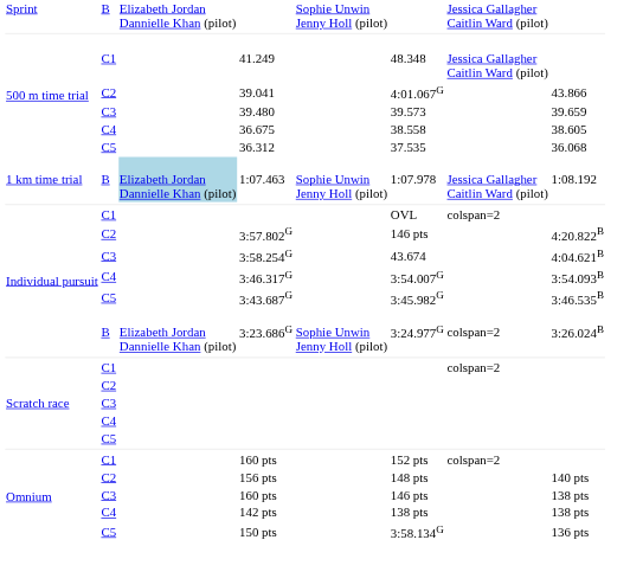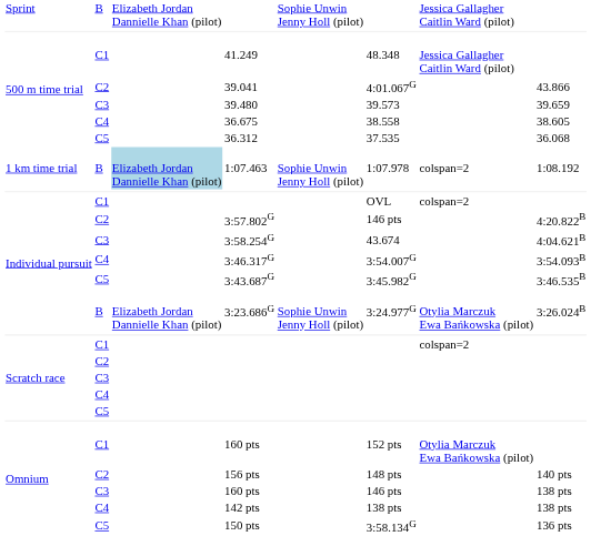 <table>
 <tr>
 <td><a href='#'>Sprint</a></td>
 <td><a href='#'>B</a></td>
 <td colspan=2><br><a href='#'>Elizabeth Jordan</a><br><a href='#'>Dannielle Khan</a> (pilot)</td>
 <td colspan=2><br><a href='#'>Sophie Unwin</a><br><a href='#'>Jenny Holl</a> (pilot)</td>
 <td colspan=2><br><a href='#'>Jessica Gallagher</a><br><a href='#'>Caitlin Ward</a> (pilot)</td>
 </tr>
 <tr>
 <td colspan=8 bgcolor=#f2f2f2></td>
 </tr>
 <tr>
 <td rowspan=5><a href='#'>500 m time trial</a></td>
 <td><a href='#'>C1</a></td>
 <td></td>
 <td>41.249</td>
 <td></td>
 <td>48.348</td>
 <td><br><a href='#'>Jessica Gallagher</a><br><a href='#'>Caitlin Ward</a> (pilot)</td>
 </tr>
 <tr>
 <td><a href='#'>C2</a></td>
 <td></td>
 <td>39.041</td>
 <td></td>
 <td>4:01.067<sup>G</sup></td>
 <td></td>
 <td>43.866</td>
 </tr>
 <tr>
 <td><a href='#'>C3</a></td>
 <td></td>
 <td>39.480</td>
 <td></td>
 <td>39.573</td>
 <td></td>
 <td>39.659</td>
 </tr>
 <tr>
 <td><a href='#'>C4</a></td>
 <td></td>
 <td>36.675</td>
 <td></td>
 <td>38.558</td>
 <td></td>
 <td>38.605</td>
 </tr>
 <tr>
 <td><a href='#'>C5</a></td>
 <td></td>
 <td>36.312</td>
 <td></td>
 <td>37.535</td>
 <td></td>
 <td>36.068</td>
 </tr>
 <tr>
 <td><a href='#'>1 km time trial</a></td>
 <td><a href='#'>B</a></td>
 <td style="background: lightblue;"><br><a href='#'>Elizabeth Jordan</a><br><a href='#'>Dannielle Khan</a> (pilot)</td>
 <td>1:07.463</td>
 <td><br><a href='#'>Sophie Unwin</a><br><a href='#'>Jenny Holl</a> (pilot)</td>
 <td>1:07.978</td>
-<td><br><a href='#'>Jessica Gallagher</a><br><a href='#'>Caitlin Ward</a> (pilot)</td>
+<td>colspan=2 </td>
 <td>1:08.192</td>
 </tr>
 <tr>
 <td colspan=8 bgcolor=#f2f2f2></td>
 </tr>
 <tr>
 <td rowspan=6><a href='#'>Individual pursuit</a></td>
 <td><a href='#'>C1</a></td>
 <td></td>
 <td></td>
 <td></td>
 <td>OVL</td>
 <td>colspan=2 </td>
 </tr>
 <tr>
 <td><a href='#'>C2</a></td>
 <td></td>
 <td>3:57.802<sup>G</sup></td>
 <td></td>
 <td>146 pts</td>
 <td></td>
 <td>4:20.822<sup>B</sup></td>
 </tr>
 <tr>
 <td><a href='#'>C3</a></td>
 <td></td>
 <td>3:58.254<sup>G</sup></td>
 <td></td>
 <td>43.674</td>
 <td></td>
 <td>4:04.621<sup>B</sup></td>
 </tr>
 <tr>
 <td><a href='#'>C4</a></td>
 <td></td>
 <td>3:46.317<sup>G</sup></td>
 <td></td>
 <td>3:54.007<sup>G</sup></td>
 <td></td>
 <td>3:54.093<sup>B</sup></td>
 </tr>
 <tr>
 <td><a href='#'>C5</a></td>
 <td></td>
 <td>3:43.687<sup>G</sup></td>
 <td></td>
 <td>3:45.982<sup>G</sup></td>
 <td></td>
 <td>3:46.535<sup>B</sup></td>
 </tr>
 <tr>
 <td><a href='#'>B</a></td>
 <td><br><a href='#'>Elizabeth Jordan</a><br><a href='#'>Dannielle Khan</a> (pilot)</td>
 <td>3:23.686<sup>G</sup></td>
 <td><br><a href='#'>Sophie Unwin</a><br><a href='#'>Jenny Holl</a> (pilot)</td>
 <td>3:24.977<sup>G</sup></td>
-<td>colspan=2 </td>
+<td><br><a href='#'>Otylia Marczuk</a><br><a href='#'>Ewa Bańkowska</a> (pilot)</td>
 <td>3:26.024<sup>B</sup></td>
 </tr>
 <tr>
 <td colspan=8 bgcolor=#f2f2f2></td>
 </tr>
 <tr>
 <td rowspan=5><a href='#'>Scratch race</a></td>
 <td><a href='#'>C1</a></td>
 <td colspan=2></td>
 <td colspan=2></td>
 <td>colspan=2 </td>
 </tr>
 <tr>
 <td><a href='#'>C2</a></td>
 <td colspan=2></td>
 <td colspan=2></td>
 <td colspan=2></td>
 </tr>
 <tr>
 <td><a href='#'>C3</a></td>
 <td colspan=2></td>
 <td colspan=2></td>
 <td colspan=2></td>
 </tr>
 <tr>
 <td><a href='#'>C4</a></td>
 <td colspan=2></td>
 <td colspan=2></td>
 <td colspan=2></td>
 </tr>
 <tr>
 <td><a href='#'>C5</a></td>
 <td colspan=2></td>
 <td colspan=2></td>
 <td colspan=2></td>
 </tr>
 <tr>
 <td colspan=8 bgcolor=#f2f2f2></td>
 </tr>
 <tr>
 <td rowspan=5><a href='#'>Omnium</a></td>
 <td><a href='#'>C1</a></td>
 <td></td>
 <td>160 pts</td>
 <td></td>
 <td>152 pts</td>
-<td>colspan=2 </td>
+<td><br><a href='#'>Otylia Marczuk</a><br><a href='#'>Ewa Bańkowska</a> (pilot)</td>
 </tr>
 <tr>
 <td><a href='#'>C2</a></td>
 <td></td>
 <td>156 pts</td>
 <td></td>
 <td>148 pts</td>
 <td></td>
 <td>140 pts</td>
 </tr>
 <tr>
 <td><a href='#'>C3</a></td>
 <td></td>
 <td>160 pts</td>
 <td></td>
 <td>146 pts</td>
 <td></td>
 <td>138 pts</td>
 </tr>
 <tr>
 <td><a href='#'>C4</a></td>
 <td></td>
 <td>142 pts</td>
 <td></td>
 <td>138 pts</td>
 <td></td>
 <td>138 pts</td>
 </tr>
 <tr>
 <td><a href='#'>C5</a></td>
 <td></td>
 <td>150 pts</td>
 <td></td>
 <td>3:58.134<sup>G</sup></td>
 <td></td>
 <td>136 pts</td>
 </tr>
 </table>
